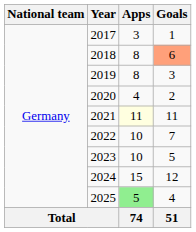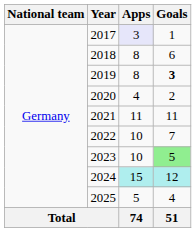 <table class="wikitable" style="text-align:center">
 <tr>
 <th>National team</th>
 <th>Year</th>
 <th>Apps</th>
 <th>Goals</th>
 </tr>
 <tr>
 <td rowspan="9"><a href='#'>Germany</a></td>
 <td>2017</td>
-<td>3</td>
+<td style="background: lavender;">3</td>
 <td>1</td>
 </tr>
 <tr>
 <td>2018</td>
 <td>8</td>
-<td style="background: lightsalmon;">6</td>
+<td>6</td>
 </tr>
 <tr>
 <td>2019</td>
 <td>8</td>
-<td>3</td>
+<td><strong>3</strong></td>
 </tr>
 <tr>
 <td>2020</td>
 <td>4</td>
 <td>2</td>
 </tr>
 <tr>
 <td>2021</td>
-<td style="background: lightyellow;">11</td>
+<td>11</td>
 <td>11</td>
 </tr>
 <tr>
 <td>2022</td>
 <td>10</td>
 <td>7</td>
 </tr>
 <tr>
 <td>2023</td>
 <td>10</td>
-<td>5</td>
+<td style="background: lightgreen;">5</td>
 </tr>
 <tr>
 <td>2024</td>
-<td>15</td>
-<td>12</td>
+<td style="background: paleturquoise;">15</td>
+<td style="background: paleturquoise;">12</td>
 </tr>
 <tr>
 <td>2025</td>
-<td style="background: lightgreen;">5</td>
+<td>5</td>
 <td>4</td>
 </tr>
 <tr>
 <th colspan="2">Total</th>
 <th>74</th>
 <th>51</th>
 </tr>
 </table>
